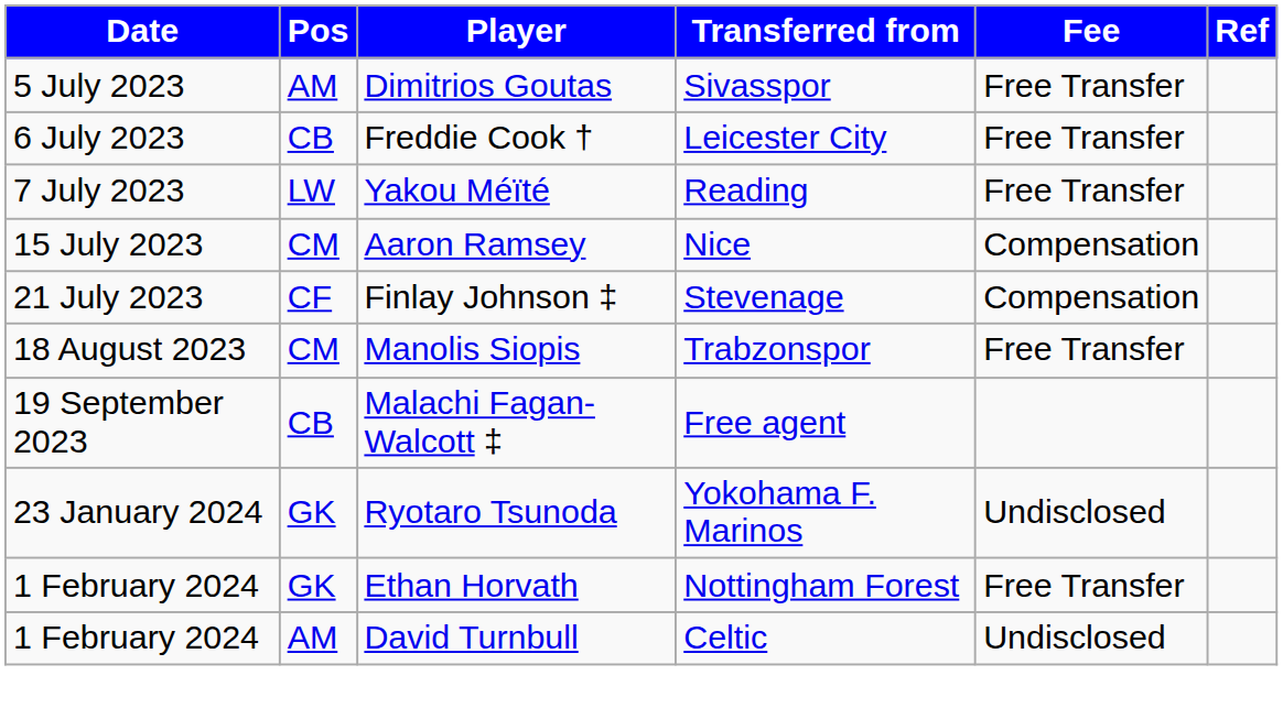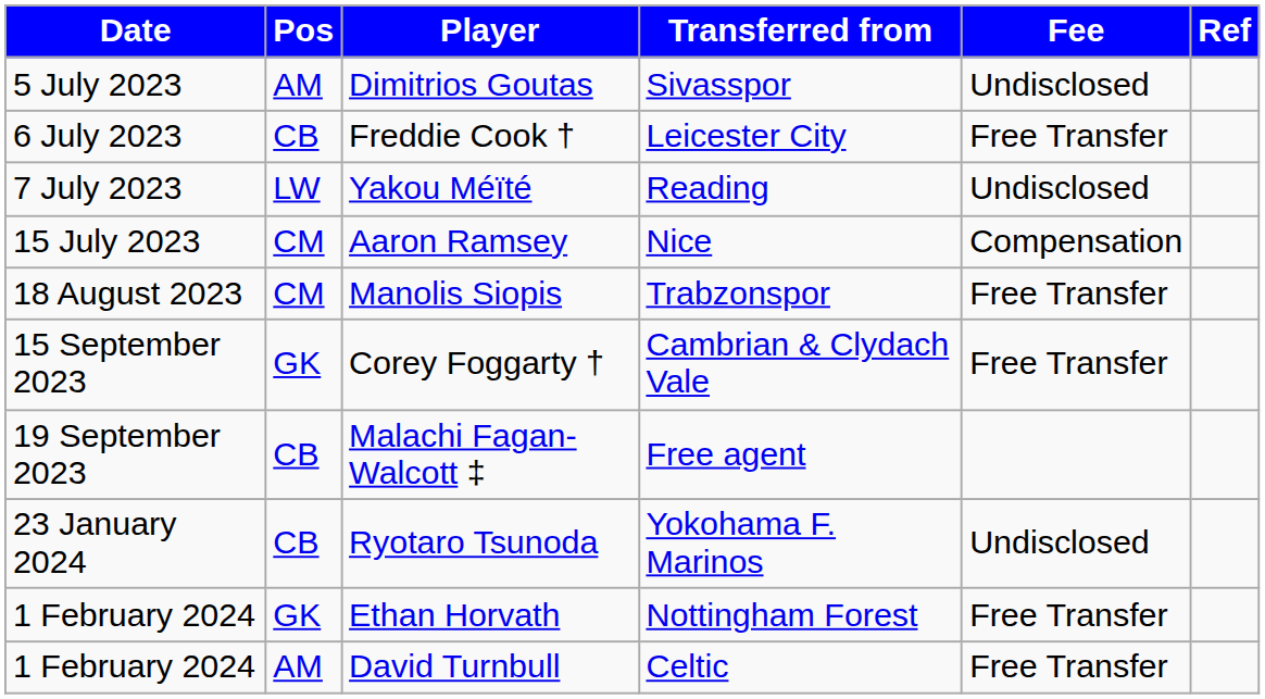 <table class="wikitable plainrowheaders sortable">
 <tr>
 <th style="background: blue; color: white; ">Date</th>
 <th style="background: blue; color: white; ">Pos</th>
 <th style="background: blue; color: white; ">Player</th>
 <th style="background: blue; color: white; ">Transferred from</th>
 <th style="background: blue; color: white; ">Fee</th>
 <th style="background: blue; color: white; ">Ref</th>
 </tr>
 <tr>
 <td>5 July 2023</td>
 <td><a href='#'>AM</a></td>
 <td> <a href='#'>Dimitrios Goutas</a></td>
 <td> <a href='#'>Sivasspor</a></td>
-<td>Free Transfer</td>
+<td>Undisclosed</td>
 <td></td>
 </tr>
 <tr>
 <td>6 July 2023</td>
 <td><a href='#'>CB</a></td>
 <td> Freddie Cook †</td>
 <td> <a href='#'>Leicester City</a></td>
 <td>Free Transfer</td>
 <td></td>
 </tr>
 <tr>
 <td>7 July 2023</td>
 <td><a href='#'>LW</a></td>
 <td> <a href='#'>Yakou Méïté</a></td>
 <td> <a href='#'>Reading</a></td>
-<td>Free Transfer</td>
+<td>Undisclosed</td>
 <td></td>
 </tr>
 <tr>
 <td>15 July 2023</td>
 <td><a href='#'>CM</a></td>
 <td> <a href='#'>Aaron Ramsey</a></td>
 <td> <a href='#'>Nice</a></td>
 <td>Compensation</td>
 <td></td>
 </tr>
 <tr>
-<td>21 July 2023</td>
-<td><a href='#'>CF</a></td>
-<td> Finlay Johnson ‡</td>
-<td> <a href='#'>Stevenage</a></td>
-<td>Compensation</td>
-<td></td>
-</tr>
-<tr>
 <td>18 August 2023</td>
 <td><a href='#'>CM</a></td>
 <td> <a href='#'>Manolis Siopis</a></td>
 <td> <a href='#'>Trabzonspor</a></td>
+<td>Free Transfer</td>
+<td></td>
+</tr>
+<tr>
+<td>15 September 2023</td>
+<td><a href='#'>GK</a></td>
+<td> Corey Foggarty †</td>
+<td> <a href='#'>Cambrian & Clydach Vale</a></td>
 <td>Free Transfer</td>
 <td></td>
 </tr>
 <tr>
 <td>19 September 2023</td>
 <td><a href='#'>CB</a></td>
 <td> <a href='#'>Malachi Fagan-Walcott</a> ‡</td>
 <td> <a href='#'>Free agent</a></td>
 <td></td>
 <td></td>
 </tr>
 <tr>
 <td>23 January 2024</td>
-<td><a href='#'>GK</a></td>
+<td><a href='#'>CB</a></td>
 <td> <a href='#'>Ryotaro Tsunoda</a></td>
 <td> <a href='#'>Yokohama F. Marinos</a></td>
 <td>Undisclosed</td>
 <td></td>
 </tr>
 <tr>
 <td>1 February 2024</td>
 <td><a href='#'>GK</a></td>
 <td> <a href='#'>Ethan Horvath</a></td>
 <td> <a href='#'>Nottingham Forest</a></td>
 <td>Free Transfer</td>
 <td></td>
 </tr>
 <tr>
 <td>1 February 2024</td>
 <td><a href='#'>AM</a></td>
 <td> <a href='#'>David Turnbull</a></td>
 <td> <a href='#'>Celtic</a></td>
-<td>Undisclosed</td>
+<td>Free Transfer</td>
 <td></td>
 </tr>
 </table>
